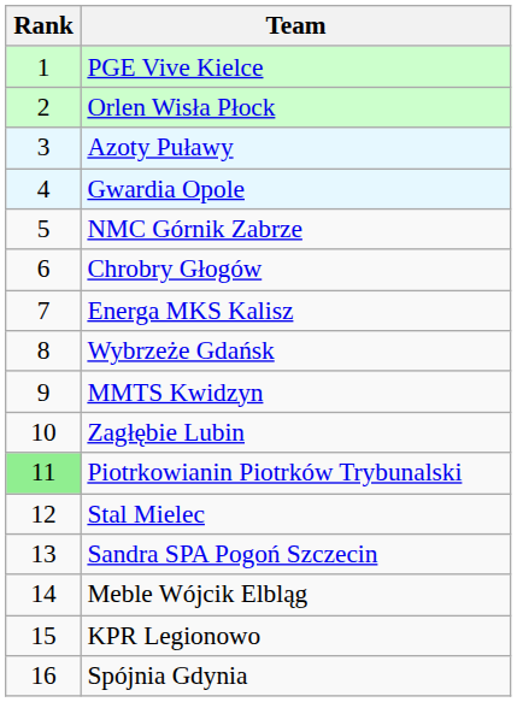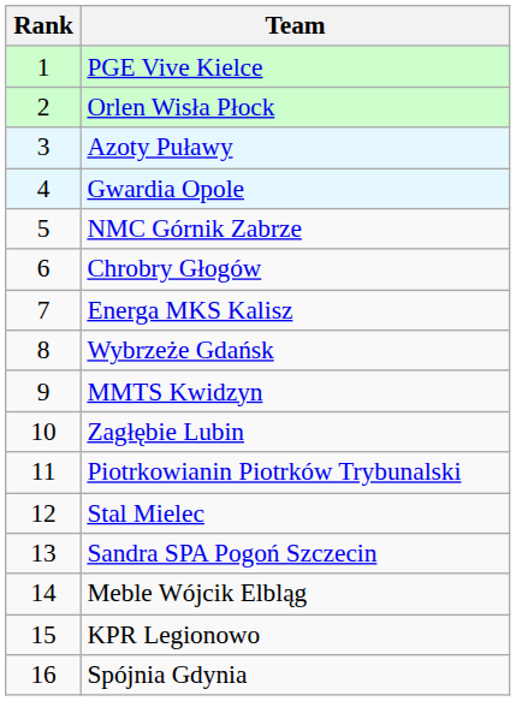 <table class="wikitable" style="white-space: nowrap; width:25%">
 <tr>
 <th width=15%>Rank</th>
 <th>Team</th>
 </tr>
 <tr bgcolor=#CCFFCC>
 <td style="text-align:center;">1</td>
 <td><a href='#'>PGE Vive Kielce</a></td>
 </tr>
 <tr bgcolor=#CCFFCC>
 <td style="text-align:center;">2</td>
 <td><a href='#'>Orlen Wisła Płock</a></td>
 </tr>
 <tr bgcolor=#E6F8FF>
 <td style="text-align:center;">3</td>
 <td><a href='#'>Azoty Puławy</a></td>
 </tr>
 <tr bgcolor=#E6F8FF>
 <td style="text-align:center;">4</td>
 <td><a href='#'>Gwardia Opole</a></td>
 </tr>
 <tr>
 <td style="text-align:center;">5</td>
 <td><a href='#'>NMC Górnik Zabrze</a></td>
 </tr>
 <tr>
 <td style="text-align:center;">6</td>
 <td><a href='#'>Chrobry Głogów</a></td>
 </tr>
 <tr>
 <td style="text-align:center;">7</td>
 <td><a href='#'>Energa MKS Kalisz</a></td>
 </tr>
 <tr>
 <td style="text-align:center;">8</td>
 <td><a href='#'>Wybrzeże Gdańsk</a></td>
 </tr>
 <tr>
 <td style="text-align:center;">9</td>
 <td><a href='#'>MMTS Kwidzyn</a></td>
 </tr>
 <tr>
 <td style="text-align:center;">10</td>
 <td><a href='#'>Zagłębie Lubin</a></td>
 </tr>
 <tr>
-<td style="background: lightgreen; text-align:center;">11</td>
+<td style="text-align:center;">11</td>
 <td><a href='#'>Piotrkowianin Piotrków Trybunalski</a></td>
 </tr>
 <tr>
 <td style="text-align:center;">12</td>
 <td><a href='#'>Stal Mielec</a></td>
 </tr>
 <tr>
 <td style="text-align:center;">13</td>
 <td><a href='#'>Sandra SPA Pogoń Szczecin</a></td>
 </tr>
 <tr>
 <td style="text-align:center;">14</td>
 <td>Meble Wójcik Elbląg</td>
 </tr>
 <tr>
 <td style="text-align:center;">15</td>
 <td>KPR Legionowo</td>
 </tr>
 <tr>
 <td style="text-align:center;">16</td>
 <td>Spójnia Gdynia</td>
 </tr>
 </table>
